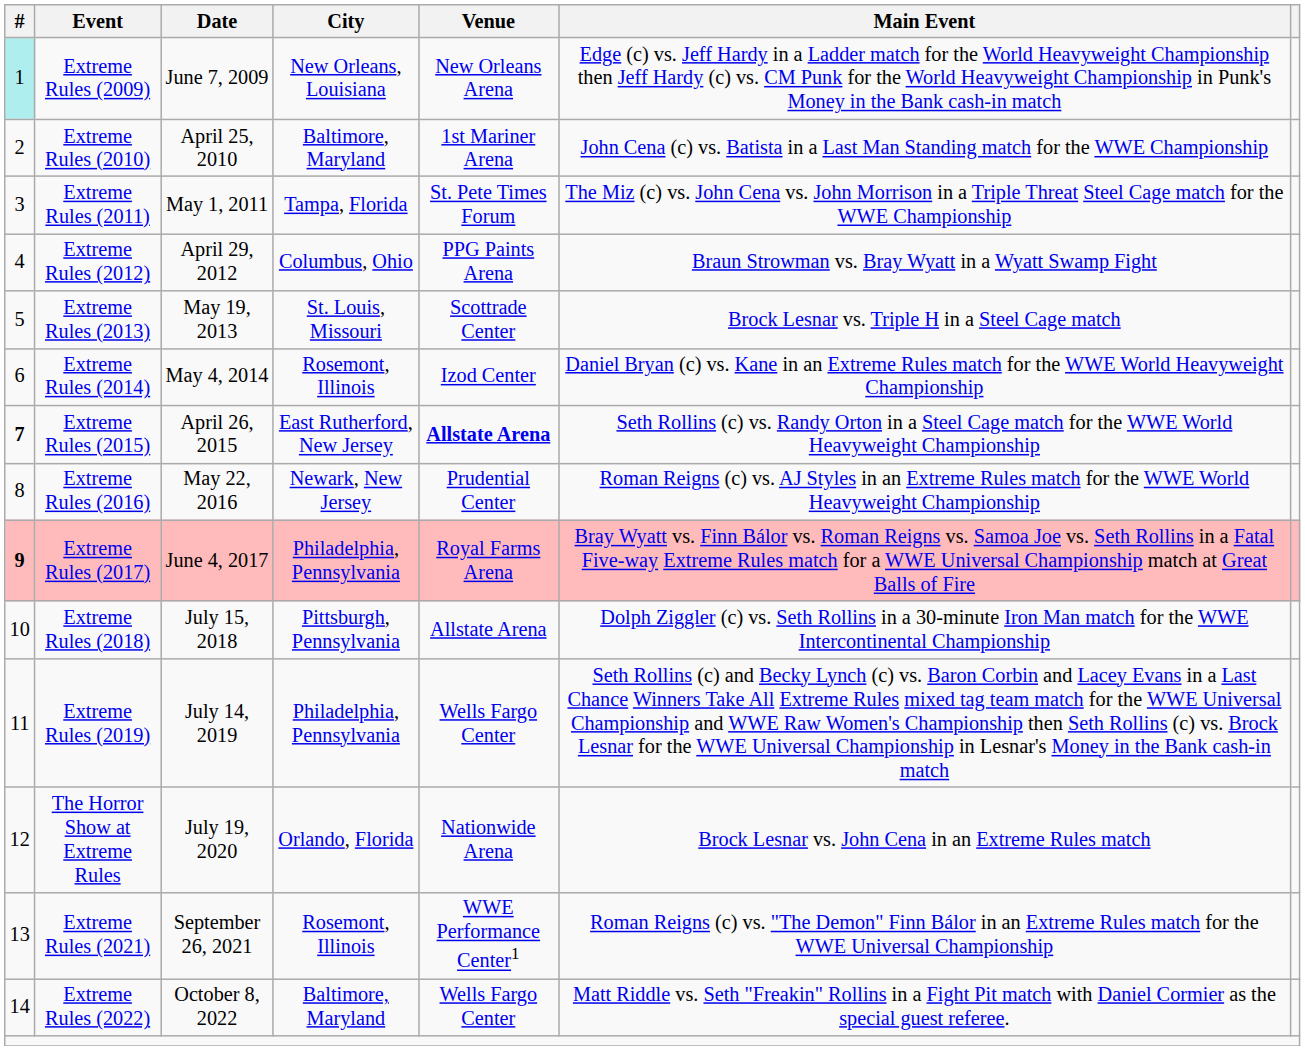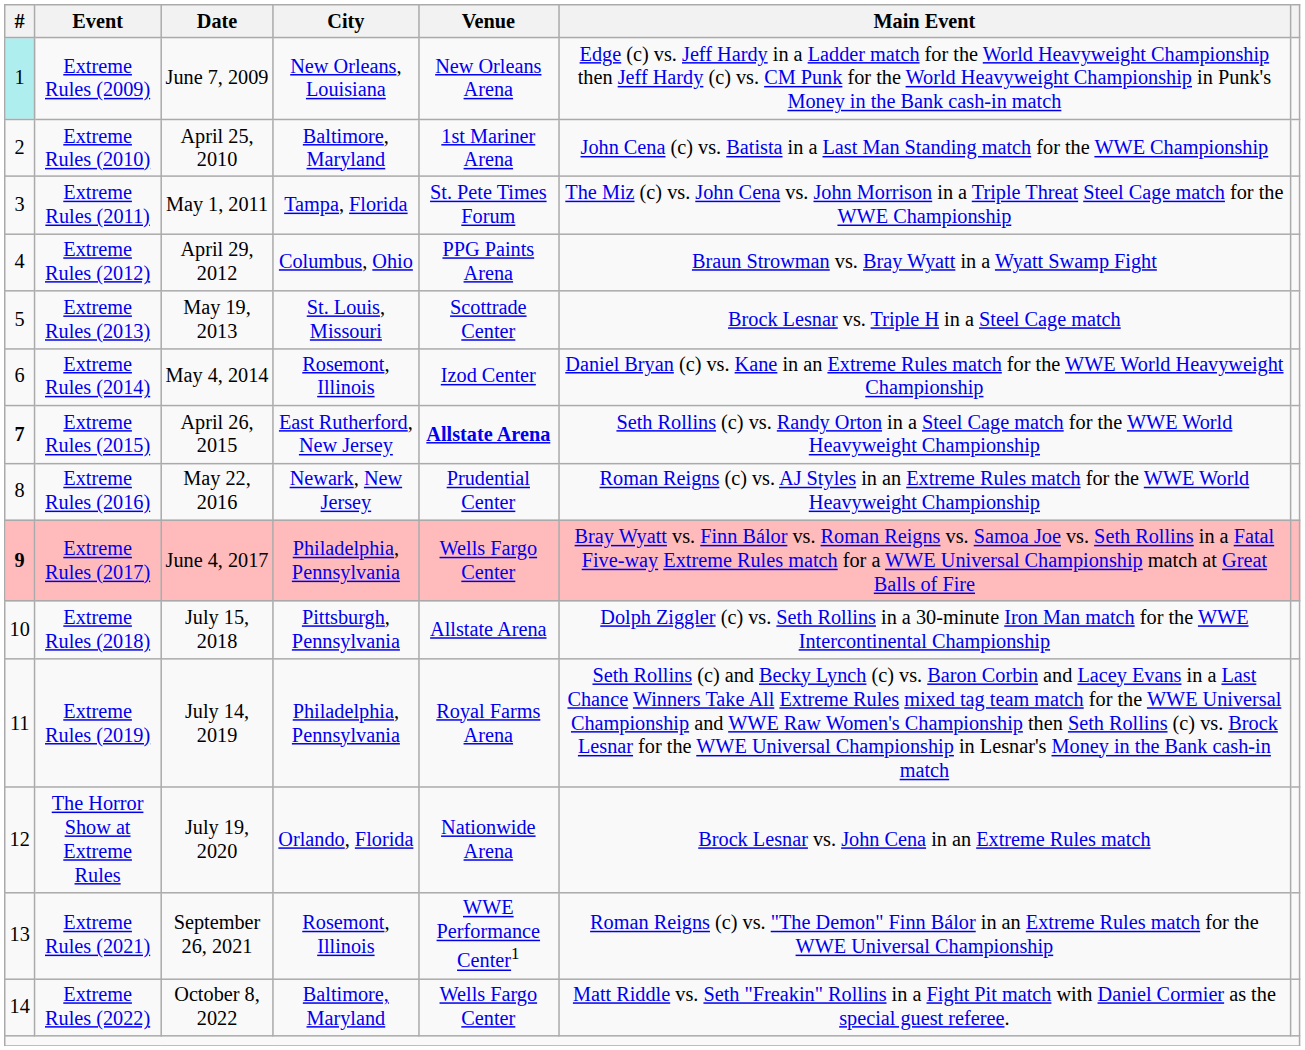 <table class="mw-datatable wikitable sortable succession-box" style="font-size:85%; text-align:center;">
 <tr>
 <th>#</th>
 <th>Event</th>
 <th>Date</th>
 <th>City</th>
 <th>Venue</th>
 <th>Main Event</th>
 <th></th>
 </tr>
 <tr>
 <td style="background: paleturquoise;">1</td>
 <td><a href='#'>Extreme Rules (2009)</a></td>
 <td>June 7, 2009</td>
 <td><a href='#'>New Orleans</a>, <a href='#'>Louisiana</a></td>
 <td><a href='#'>New Orleans Arena</a></td>
 <td><a href='#'>Edge</a> (c) vs. <a href='#'>Jeff Hardy</a> in a <a href='#'>Ladder match</a> for the <a href='#'>World Heavyweight Championship</a> then <a href='#'>Jeff Hardy</a> (c) vs. <a href='#'>CM Punk</a> for the <a href='#'>World Heavyweight Championship</a> in Punk's <a href='#'>Money in the Bank cash-in match</a></td>
 <td></td>
 </tr>
 <tr>
 <td>2</td>
 <td><a href='#'>Extreme Rules (2010)</a></td>
 <td>April 25, 2010</td>
 <td><a href='#'>Baltimore</a>, <a href='#'>Maryland</a></td>
 <td><a href='#'>1st Mariner Arena</a></td>
 <td><a href='#'>John Cena</a> (c) vs. <a href='#'>Batista</a> in a <a href='#'>Last Man Standing match</a> for the <a href='#'>WWE Championship</a></td>
 <td></td>
 </tr>
 <tr>
 <td>3</td>
 <td><a href='#'>Extreme Rules (2011)</a></td>
 <td>May 1, 2011</td>
 <td><a href='#'>Tampa</a>, <a href='#'>Florida</a></td>
 <td><a href='#'>St. Pete Times Forum</a></td>
 <td><a href='#'>The Miz</a> (c) vs. <a href='#'>John Cena</a> vs. <a href='#'>John Morrison</a> in a <a href='#'>Triple Threat</a> <a href='#'>Steel Cage match</a> for the <a href='#'>WWE Championship</a></td>
 <td></td>
 </tr>
 <tr>
 <td>4</td>
 <td><a href='#'>Extreme Rules (2012)</a></td>
 <td>April 29, 2012</td>
 <td><a href='#'>Columbus</a>, <a href='#'>Ohio</a></td>
 <td><a href='#'>PPG Paints Arena</a></td>
 <td><a href='#'>Braun Strowman</a> vs. <a href='#'>Bray Wyatt</a> in a <a href='#'>Wyatt Swamp Fight</a></td>
 <td></td>
 </tr>
 <tr>
 <td>5</td>
 <td><a href='#'>Extreme Rules (2013)</a></td>
 <td>May 19, 2013</td>
 <td><a href='#'>St. Louis</a>, <a href='#'>Missouri</a></td>
 <td><a href='#'>Scottrade Center</a></td>
 <td><a href='#'>Brock Lesnar</a> vs. <a href='#'>Triple H</a> in a <a href='#'>Steel Cage match</a></td>
 <td></td>
 </tr>
 <tr>
 <td>6</td>
 <td><a href='#'>Extreme Rules (2014)</a></td>
 <td>May 4, 2014</td>
 <td><a href='#'>Rosemont</a>, <a href='#'>Illinois</a></td>
 <td><a href='#'>Izod Center</a></td>
 <td><a href='#'>Daniel Bryan</a> (c) vs. <a href='#'>Kane</a> in an <a href='#'>Extreme Rules match</a> for the <a href='#'>WWE World Heavyweight Championship</a></td>
 <td></td>
 </tr>
 <tr>
 <td><strong>7</strong></td>
 <td><a href='#'>Extreme Rules (2015)</a></td>
 <td>April 26, 2015</td>
 <td><a href='#'>East Rutherford</a>, <a href='#'>New Jersey</a></td>
 <td><strong><a href='#'>Allstate Arena</a></strong></td>
 <td><a href='#'>Seth Rollins</a> (c) vs. <a href='#'>Randy Orton</a> in a <a href='#'>Steel Cage match</a> for the <a href='#'>WWE World Heavyweight Championship</a></td>
 <td></td>
 </tr>
 <tr>
 <td>8</td>
 <td><a href='#'>Extreme Rules (2016)</a></td>
 <td>May 22, 2016</td>
 <td><a href='#'>Newark</a>, <a href='#'>New Jersey</a></td>
 <td><a href='#'>Prudential Center</a></td>
 <td><a href='#'>Roman Reigns</a> (c) vs. <a href='#'>AJ Styles</a> in an <a href='#'>Extreme Rules match</a> for the <a href='#'>WWE World Heavyweight Championship</a></td>
 <td></td>
 </tr>
 <tr style="background:#FBB;">
 <td><strong>9</strong></td>
 <td><a href='#'>Extreme Rules (2017)</a></td>
 <td>June 4, 2017</td>
 <td><a href='#'>Philadelphia</a>, <a href='#'>Pennsylvania</a></td>
-<td><a href='#'>Royal Farms Arena</a></td>
+<td><a href='#'>Wells Fargo Center</a></td>
 <td><a href='#'>Bray Wyatt</a> vs. <a href='#'>Finn Bálor</a> vs. <a href='#'>Roman Reigns</a> vs. <a href='#'>Samoa Joe</a> vs. <a href='#'>Seth Rollins</a> in a <a href='#'>Fatal Five-way</a> <a href='#'>Extreme Rules match</a> for a <a href='#'>WWE Universal Championship</a> match at <a href='#'>Great Balls of Fire</a></td>
 <td></td>
 </tr>
 <tr>
 <td>10</td>
 <td><a href='#'>Extreme Rules (2018)</a></td>
 <td>July 15, 2018</td>
 <td><a href='#'>Pittsburgh</a>, <a href='#'>Pennsylvania</a></td>
 <td><a href='#'>Allstate Arena</a></td>
 <td><a href='#'>Dolph Ziggler</a> (c) vs. <a href='#'>Seth Rollins</a> in a 30-minute <a href='#'>Iron Man match</a> for the <a href='#'>WWE Intercontinental Championship</a></td>
 <td></td>
 </tr>
 <tr>
 <td>11</td>
 <td><a href='#'>Extreme Rules (2019)</a></td>
 <td>July 14, 2019</td>
 <td><a href='#'>Philadelphia</a>, <a href='#'>Pennsylvania</a></td>
-<td><a href='#'>Wells Fargo Center</a></td>
+<td><a href='#'>Royal Farms Arena</a></td>
 <td><a href='#'>Seth Rollins</a> (c) and <a href='#'>Becky Lynch</a> (c) vs. <a href='#'>Baron Corbin</a> and <a href='#'>Lacey Evans</a> in a <a href='#'>Last Chance</a> <a href='#'>Winners Take All</a> <a href='#'>Extreme Rules</a> <a href='#'>mixed tag team match</a> for the <a href='#'>WWE Universal Championship</a> and <a href='#'>WWE Raw Women's Championship</a> then <a href='#'>Seth Rollins</a> (c) vs. <a href='#'>Brock Lesnar</a> for the <a href='#'>WWE Universal Championship</a> in Lesnar's <a href='#'>Money in the Bank cash-in match</a></td>
 <td></td>
 </tr>
 <tr>
 <td>12</td>
 <td><a href='#'>The Horror Show at Extreme Rules</a></td>
 <td>July 19, 2020</td>
 <td><a href='#'>Orlando</a>, <a href='#'>Florida</a></td>
 <td><a href='#'>Nationwide Arena</a></td>
 <td><a href='#'>Brock Lesnar</a> vs. <a href='#'>John Cena</a> in an <a href='#'>Extreme Rules match</a></td>
 <td></td>
 </tr>
 <tr>
 <td>13</td>
 <td><a href='#'>Extreme Rules (2021)</a></td>
 <td>September 26, 2021</td>
 <td><a href='#'>Rosemont</a>, <a href='#'>Illinois</a></td>
 <td><a href='#'>WWE Performance Center</a><sup>1</sup></td>
 <td><a href='#'>Roman Reigns</a> (c) vs. <a href='#'>"The Demon" Finn Bálor</a> in an <a href='#'>Extreme Rules match</a> for the <a href='#'>WWE Universal Championship</a></td>
 <td></td>
 </tr>
 <tr>
 <td>14</td>
 <td><a href='#'>Extreme Rules (2022)</a></td>
 <td>October 8, 2022</td>
 <td><a href='#'>Baltimore, Maryland</a></td>
 <td><a href='#'>Wells Fargo Center</a></td>
 <td><a href='#'>Matt Riddle</a> vs. <a href='#'>Seth "Freakin" Rollins</a> in a <a href='#'>Fight Pit match</a> with <a href='#'>Daniel Cormier</a> as the <a href='#'>special guest referee</a>.</td>
 <td></td>
 </tr>
 <tr>
 <td colspan="7"></td>
 </tr>
 <tr>
 </tr>
 </table>
